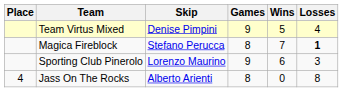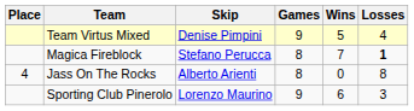 <table class="wikitable" style="text-align:center;">
 <tr>
 <th>Place</th>
 <th>Team</th>
 <th>Skip</th>
 <th>Games</th>
 <th>Wins</th>
 <th>Losses</th>
 </tr>
 <tr style="background:#ffc;">
 <td></td>
 <td align=left>Team Virtus Mixed</td>
 <td align=left><a href='#'>Denise Pimpini</a></td>
 <td>9</td>
 <td>5</td>
 <td>4</td>
 </tr>
 <tr>
 <td></td>
 <td align=left>Magica Fireblock</td>
 <td align=left><a href='#'>Stefano Perucca</a></td>
 <td>8</td>
 <td>7</td>
 <td><strong>1</strong></td>
 </tr>
 <tr>
+<td>4</td>
+<td align=left>Jass On The Rocks</td>
+<td align=left><a href='#'>Alberto Arienti</a></td>
+<td>8</td>
+<td>0</td>
+<td>8</td>
+</tr>
+<tr>
 <td></td>
 <td align=left>Sporting Club Pinerolo</td>
 <td align=left><a href='#'>Lorenzo Maurino</a></td>
 <td>9</td>
 <td>6</td>
 <td>3</td>
 </tr>
-<tr>
-<td>4</td>
-<td align=left>Jass On The Rocks</td>
-<td align=left><a href='#'>Alberto Arienti</a></td>
-<td>8</td>
-<td>0</td>
-<td>8</td>
-</tr>
 </table>
